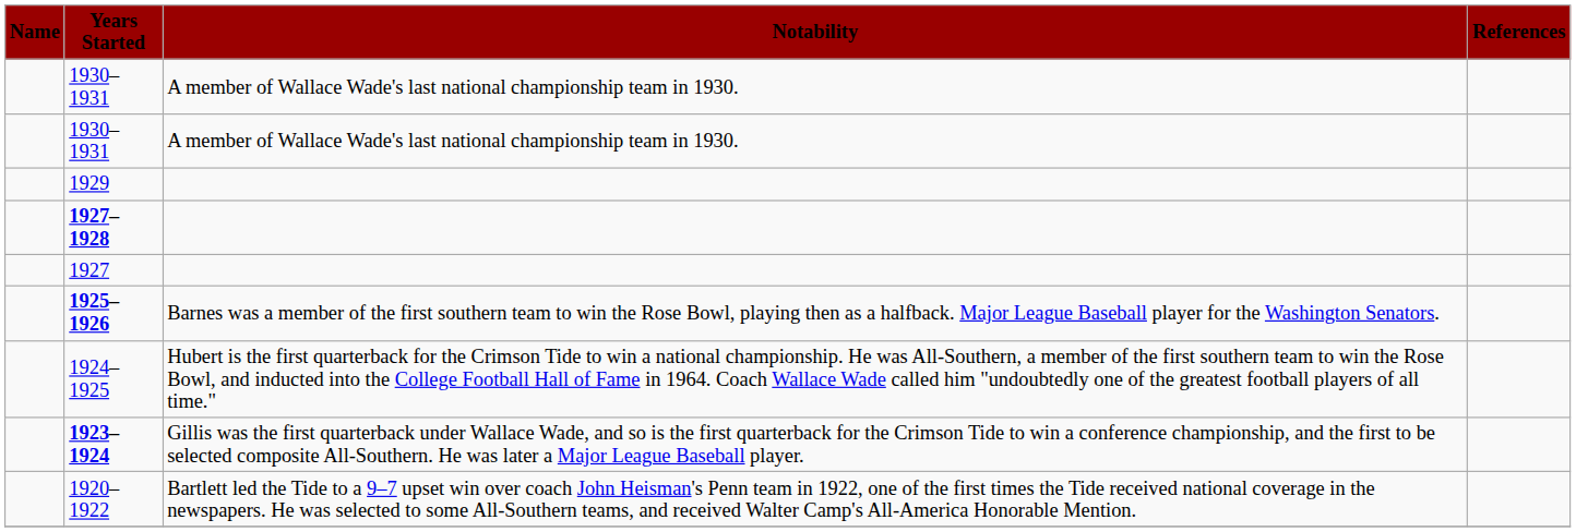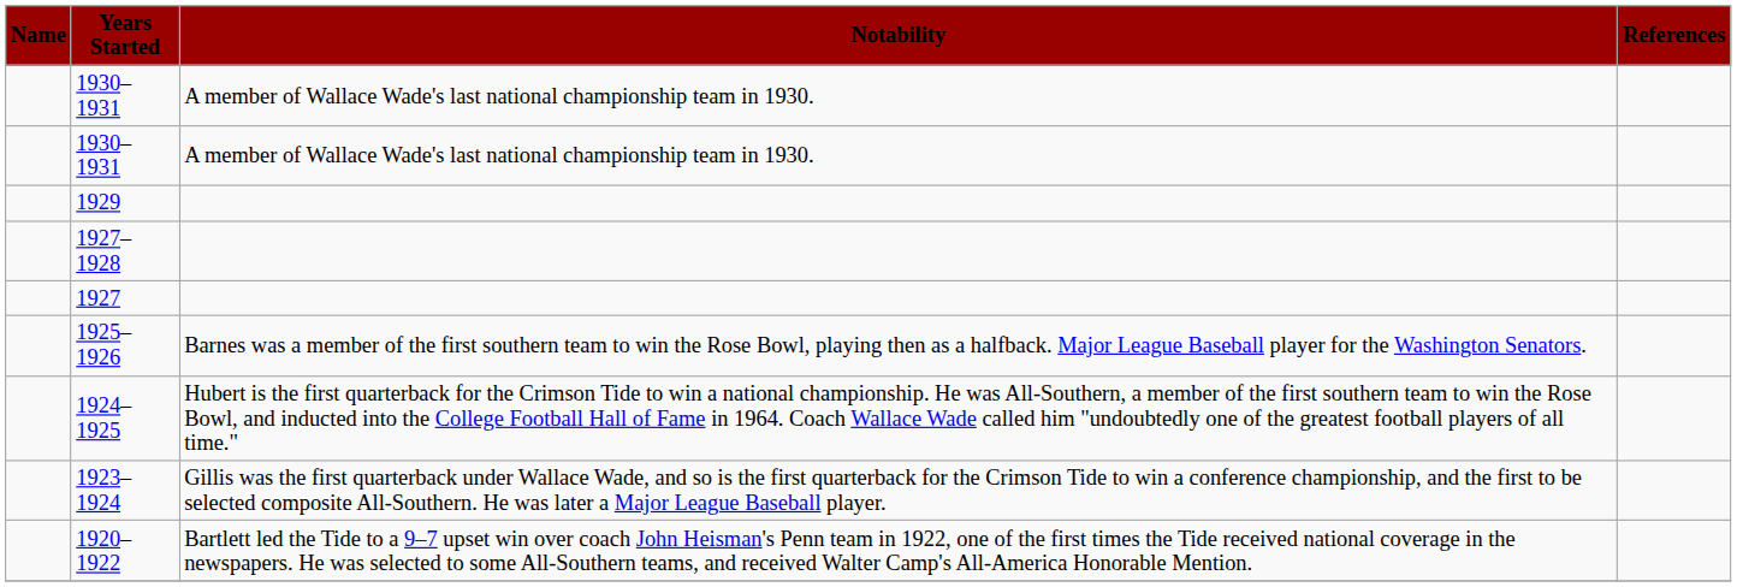 <table class="wikitable sortable" style="text-align:left;">
 <tr>
 <th style="background:#990000;"><span>Name</span></th>
 <th style="background:#990000;"><span>Years Started</span></th>
 <th style="background:#990000;"><span>Notability</span></th>
 <th style="background:#990000;"><span>References</span></th>
 </tr>
 <tr>
 <td></td>
 <td><a href='#'>1930</a>–<a href='#'>1931</a></td>
 <td>A member of Wallace Wade's last national championship team in 1930.</td>
 <td></td>
 </tr>
 <tr>
 <td></td>
 <td><a href='#'>1930</a>–<a href='#'>1931</a></td>
 <td>A member of Wallace Wade's last national championship team in 1930.</td>
 <td></td>
 </tr>
 <tr>
 <td></td>
 <td><a href='#'>1929</a></td>
 <td></td>
 <td></td>
 </tr>
 <tr>
 <td></td>
-<td><strong><a href='#'>1927</a>–<a href='#'>1928</a></strong></td>
+<td><a href='#'>1927</a>–<a href='#'>1928</a></td>
 <td></td>
 <td></td>
 </tr>
 <tr>
 <td></td>
 <td><a href='#'>1927</a></td>
 <td></td>
 <td></td>
 </tr>
 <tr>
 <td></td>
-<td><strong><a href='#'>1925</a>–<a href='#'>1926</a></strong></td>
+<td><a href='#'>1925</a>–<a href='#'>1926</a></td>
 <td>Barnes was a member of the first southern team to win the Rose Bowl, playing then as a halfback. <a href='#'>Major League Baseball</a> player for the <a href='#'>Washington Senators</a>.</td>
 <td></td>
 </tr>
 <tr>
 <td></td>
 <td><a href='#'>1924</a>–<a href='#'>1925</a></td>
 <td>Hubert is the first quarterback for the Crimson Tide to win a national championship. He was All-Southern, a member of the first southern team to win the Rose Bowl, and inducted into the <a href='#'>College Football Hall of Fame</a> in 1964. Coach <a href='#'>Wallace Wade</a> called him "undoubtedly one of the greatest football players of all time."</td>
 <td></td>
 </tr>
 <tr>
 <td></td>
-<td><strong><a href='#'>1923</a>–<a href='#'>1924</a></strong></td>
+<td><a href='#'>1923</a>–<a href='#'>1924</a></td>
 <td>Gillis was the first quarterback under Wallace Wade, and so is the first quarterback for the Crimson Tide to win a conference championship, and the first to be selected composite All-Southern. He was later a <a href='#'>Major League Baseball</a> player.</td>
 <td></td>
 </tr>
 <tr>
 <td></td>
 <td><a href='#'>1920</a>–<a href='#'>1922</a></td>
 <td>Bartlett led the Tide to a <a href='#'>9–7</a> upset win over coach <a href='#'>John Heisman</a>'s Penn team in 1922, one of the first times the Tide received national coverage in the newspapers. He was selected to some All-Southern teams, and received Walter Camp's All-America Honorable Mention.</td>
 <td></td>
 </tr>
 <tr>
 </tr>
 </table>
